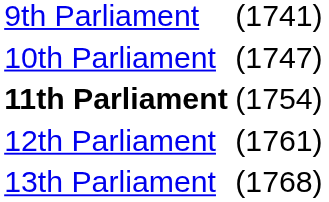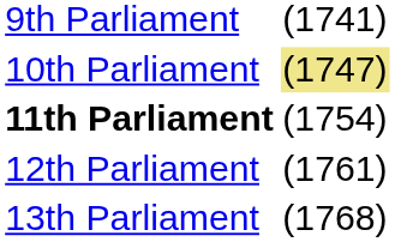 <table id=toc style="float:right">
 <tr>
 <td><a href='#'>9th Parliament</a></td>
 <td>(1741)</td>
 </tr>
 <tr>
 <td><a href='#'>10th Parliament</a></td>
-<td>(1747)</td>
+<td style="background: khaki;">(1747)</td>
 </tr>
 <tr>
 <td><strong>11th Parliament</strong></td>
 <td>(1754)</td>
 </tr>
 <tr>
 <td><a href='#'>12th Parliament</a></td>
 <td>(1761)</td>
 </tr>
 <tr>
 <td><a href='#'>13th Parliament</a></td>
 <td>(1768)</td>
 </tr>
 </table>
